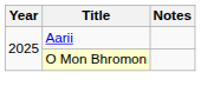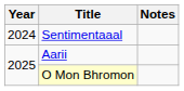 <table class="wikitable sortable">
 <tr>
 <th scope="col">Year</th>
 <th scope="col">Title</th>
 <th>Notes</th>
+</tr>
+<tr>
+<td>2024</td>
+<td><a href='#'>Sentimentaaal</a></td>
+<td></td>
 </tr>
 <tr>
 <td rowspan="2">2025</td>
 <td><a href='#'>Aarii</a></td>
 <td></td>
 </tr>
 <tr>
 <td style="background:#ffc">O Mon Bhromon </td>
 <td></td>
 </tr>
 </table>
